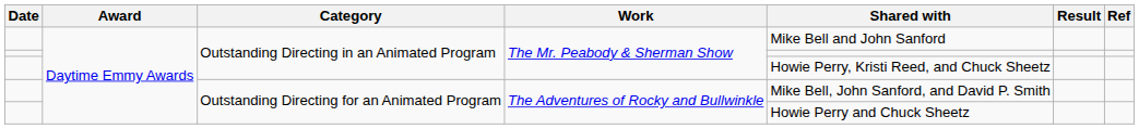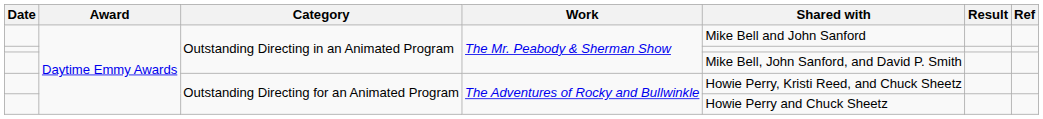 <table class="wikitable sortable" style="margin-right: 0;">
 <tr>
 <th>Date</th>
 <th>Award</th>
 <th>Category</th>
 <th>Work</th>
 <th>Shared with</th>
 <th>Result</th>
 <th>Ref</th>
 </tr>
 <tr>
 <td></td>
 <td rowspan="5"><a href='#'>Daytime Emmy Awards</a></td>
 <td rowspan="3">Outstanding Directing in an Animated Program</td>
 <td rowspan="3"><em><a href='#'>The Mr. Peabody & Sherman Show</a></em></td>
 <td>Mike Bell and John Sanford</td>
 <td></td>
 <td></td>
 </tr>
 <tr>
 <td></td>
 <td></td>
 <td></td>
 <td></td>
 </tr>
 <tr>
 <td></td>
-<td>Howie Perry, Kristi Reed, and Chuck Sheetz</td>
+<td>Mike Bell, John Sanford, and David P. Smith</td>
 <td></td>
 <td></td>
 </tr>
 <tr>
 <td></td>
 <td rowspan="2">Outstanding Directing for an Animated Program</td>
 <td rowspan="2"><em><a href='#'>The Adventures of Rocky and Bullwinkle</a></em></td>
-<td>Mike Bell, John Sanford, and David P. Smith</td>
+<td>Howie Perry, Kristi Reed, and Chuck Sheetz</td>
 <td></td>
 <td></td>
 </tr>
 <tr>
 <td></td>
 <td>Howie Perry and Chuck Sheetz</td>
 <td></td>
 <td></td>
 </tr>
 </table>
